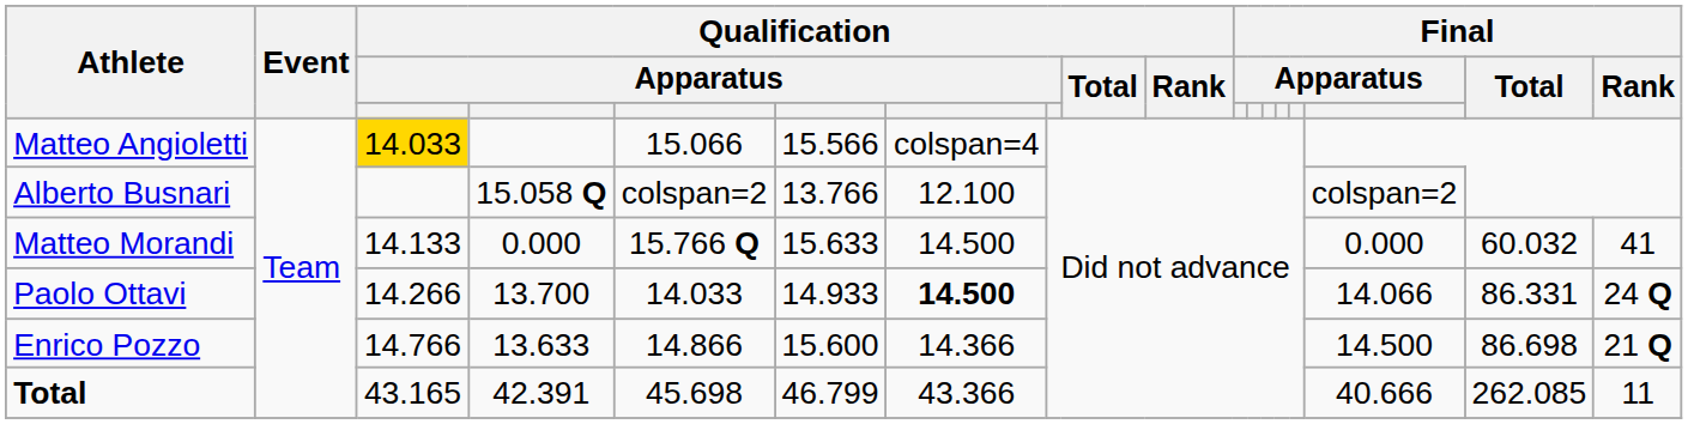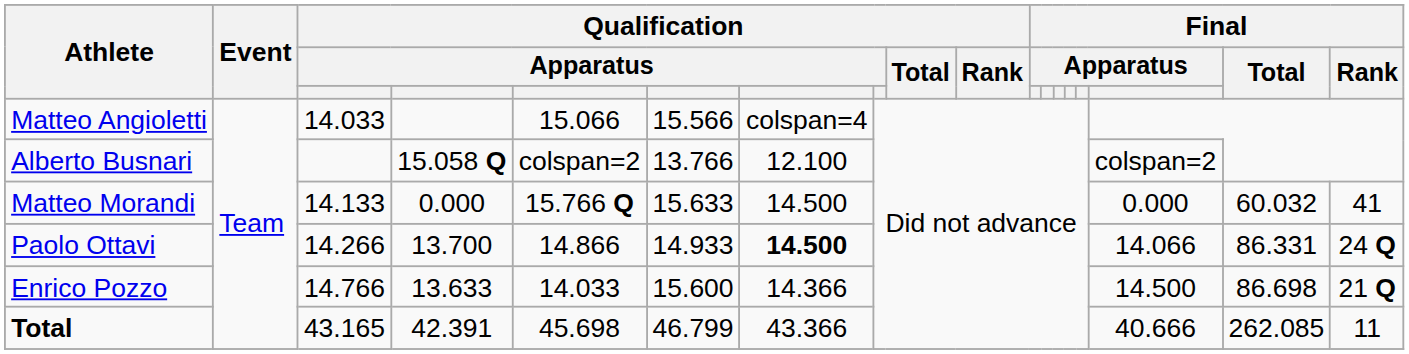 <table class="wikitable" style="font-size:90%">
 <tr>
 <th rowspan=3>Athlete</th>
 <th rowspan=3>Event</th>
 <th colspan =8>Qualification</th>
 <th colspan =8>Final</th>
 </tr>
 <tr style="font-size:95%">
 <th colspan=6>Apparatus</th>
 <th rowspan=2>Total</th>
 <th rowspan=2>Rank</th>
 <th colspan=6>Apparatus</th>
 <th rowspan=2>Total</th>
 <th rowspan=2>Rank</th>
 </tr>
 <tr style="font-size:95%">
 <th></th>
 <th></th>
 <th></th>
 <th></th>
 <th></th>
 <th></th>
 <th></th>
 <th></th>
 <th></th>
 <th></th>
 <th></th>
 <th></th>
 </tr>
 <tr align=center>
 <td align=left><a href='#'>Matteo Angioletti</a></td>
 <td align=left rowspan=6><a href='#'>Team</a></td>
-<td style="background: gold;">14.033</td>
+<td>14.033</td>
 <td></td>
 <td>15.066</td>
 <td>15.566</td>
 <td>colspan=4 </td>
 <td rowspan=6 colspan=8>Did not advance</td>
 </tr>
 <tr align=center>
 <td align=left><a href='#'>Alberto Busnari</a></td>
 <td></td>
 <td>15.058 <strong>Q</strong></td>
 <td>colspan=2 </td>
 <td>13.766</td>
 <td>12.100</td>
 <td>colspan=2 </td>
 </tr>
 <tr align=center>
 <td align=left><a href='#'>Matteo Morandi</a></td>
 <td>14.133</td>
 <td>0.000</td>
 <td>15.766 <strong>Q</strong></td>
 <td>15.633</td>
 <td>14.500</td>
 <td>0.000</td>
 <td>60.032</td>
 <td>41</td>
 </tr>
 <tr align=center>
 <td align=left><a href='#'>Paolo Ottavi</a></td>
 <td>14.266</td>
 <td>13.700</td>
-<td>14.033</td>
+<td>14.866</td>
 <td>14.933</td>
 <td><strong>14.500</strong></td>
 <td>14.066</td>
 <td>86.331</td>
 <td>24 <strong>Q</strong></td>
 </tr>
 <tr align=center>
 <td align=left><a href='#'>Enrico Pozzo</a></td>
 <td>14.766</td>
 <td>13.633</td>
-<td>14.866</td>
+<td>14.033</td>
 <td>15.600</td>
 <td>14.366</td>
 <td>14.500</td>
 <td>86.698</td>
 <td>21 <strong>Q</strong></td>
 </tr>
 <tr align=center>
 <td align=left><strong>Total</strong></td>
 <td>43.165</td>
 <td>42.391</td>
 <td>45.698</td>
 <td>46.799</td>
 <td>43.366</td>
 <td>40.666</td>
 <td>262.085</td>
 <td>11</td>
 </tr>
 </table>
